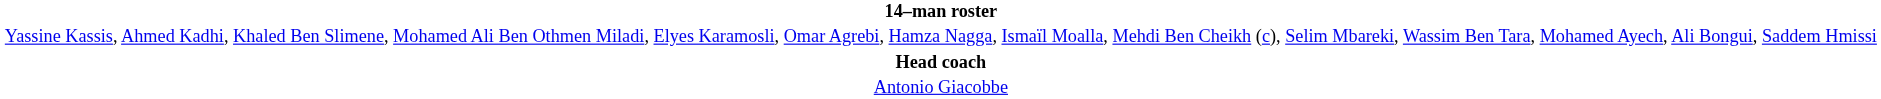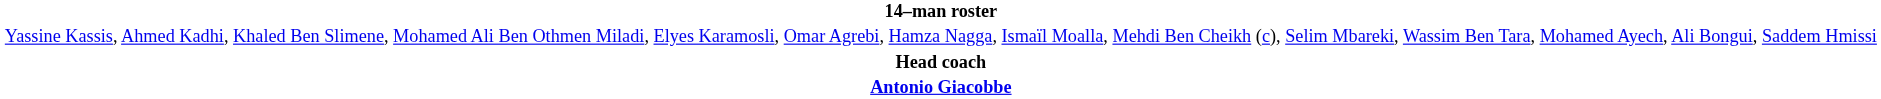 <table style="text-align:center; margin-top:2em; margin-left:auto; margin-right:auto">
 <tr>
 <td><strong>14–man roster</strong></td>
 </tr>
 <tr>
 <td><a href='#'>Yassine Kassis</a>, <a href='#'>Ahmed Kadhi</a>, <a href='#'>Khaled Ben Slimene</a>, <a href='#'>Mohamed Ali Ben Othmen Miladi</a>, <a href='#'>Elyes Karamosli</a>, <a href='#'>Omar Agrebi</a>, <a href='#'>Hamza Nagga</a>, <a href='#'>Ismaïl Moalla</a>, <a href='#'>Mehdi Ben Cheikh</a> (<a href='#'>c</a>), <a href='#'>Selim Mbareki</a>, <a href='#'>Wassim Ben Tara</a>, <a href='#'>Mohamed Ayech</a>, <a href='#'>Ali Bongui</a>, <a href='#'>Saddem Hmissi</a></td>
 </tr>
 <tr>
 <td><strong>Head coach</strong></td>
 </tr>
 <tr>
-<td> <a href='#'>Antonio Giacobbe</a></td>
+<td><strong> <a href='#'>Antonio Giacobbe</a></strong></td>
 </tr>
 </table>
